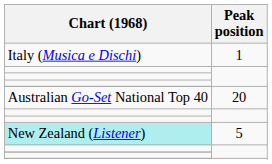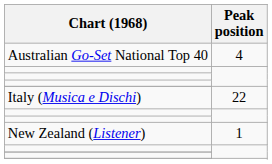 <table class="wikitable sortable">
 <tr>
 <th>Chart (1968)</th>
 <th>Peak<br>position</th>
 </tr>
 <tr>
-<td>Italy (<em><a href='#'>Musica e Dischi</a></em>)</td>
-<td align="center">1</td>
+<td>Australian <em><a href='#'>Go-Set</a></em> National Top 40</td>
+<td align="center">4</td>
 </tr>
 <tr>
 <td></td>
 </tr>
 <tr>
 <td></td>
 </tr>
 <tr>
 <td></td>
 </tr>
 <tr>
 </tr>
 <tr>
 </tr>
 <tr>
-<td>Australian <em><a href='#'>Go-Set</a></em> National Top 40</td>
-<td align="center">20</td>
+<td>Italy (<em><a href='#'>Musica e Dischi</a></em>)</td>
+<td align="center">22</td>
 </tr>
 <tr>
 <td></td>
 </tr>
 <tr>
 <td></td>
 </tr>
 <tr>
-<td style="background: paleturquoise;">New Zealand (<em><a href='#'>Listener</a></em>)</td>
-<td style="text-align:center;">5</td>
+<td>New Zealand (<em><a href='#'>Listener</a></em>)</td>
+<td style="text-align:center;">1</td>
 </tr>
 <tr>
 <td></td>
 </tr>
 <tr>
 </tr>
 <tr>
 </tr>
 <tr>
 </tr>
 <tr>
 </tr>
 <tr>
 <td></td>
 </tr>
 <tr>
 </tr>
 </table>
